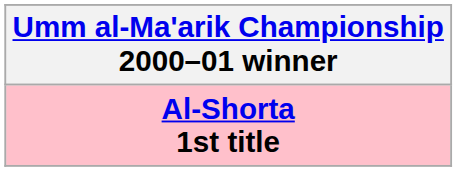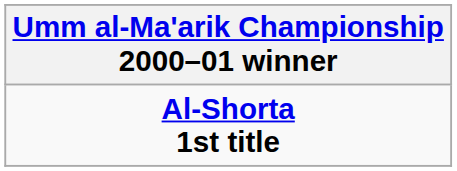 <table class="wikitable" style="text-align: center; margin: 0 auto;">
 <tr>
 <th><a href='#'>Umm al-Ma'arik Championship</a><br>2000–01 winner</th>
 </tr>
 <tr>
-<td style="background: pink;"><strong><a href='#'>Al-Shorta</a></strong><br><strong>1st title</strong></td>
+<td><strong><a href='#'>Al-Shorta</a></strong><br><strong>1st title</strong></td>
 </tr>
 </table>
